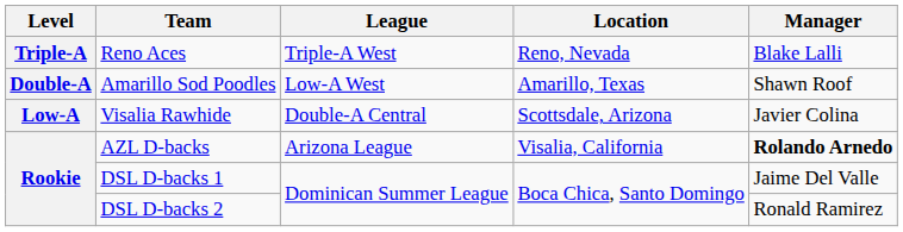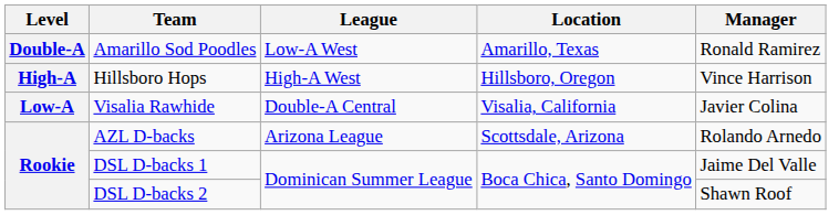 <table class="wikitable plainrowheaders">
 <tr>
 <th scope="col" style="text-align:center; ">Level</th>
 <th scope="col" style="text-align:center; ">Team</th>
 <th scope="col" style="text-align:center; ">League</th>
 <th scope="col" style="text-align:center; ">Location</th>
 <th scope="col" style="text-align:center; ">Manager</th>
 </tr>
 <tr>
-<th scope="row"><a href='#'>Triple-A</a></th>
-<td><a href='#'>Reno Aces</a></td>
-<td><a href='#'>Triple-A West</a></td>
-<td><a href='#'>Reno, Nevada</a></td>
-<td><a href='#'>Blake Lalli</a></td>
-</tr>
-<tr>
 <th scope="row"><a href='#'>Double-A</a></th>
 <td><a href='#'>Amarillo Sod Poodles</a></td>
 <td><a href='#'>Low-A West</a></td>
 <td><a href='#'>Amarillo, Texas</a></td>
-<td>Shawn Roof</td>
+<td>Ronald Ramirez</td>
+</tr>
+<tr>
+<th scope="row"><a href='#'>High-A</a></th>
+<td>Hillsboro Hops</td>
+<td><a href='#'>High-A West</a></td>
+<td><a href='#'>Hillsboro, Oregon</a></td>
+<td>Vince Harrison</td>
 </tr>
 <tr>
 <th scope="row"><a href='#'>Low-A</a></th>
 <td><a href='#'>Visalia Rawhide</a></td>
 <td><a href='#'>Double-A Central</a></td>
-<td><a href='#'>Scottsdale, Arizona</a></td>
+<td><a href='#'>Visalia, California</a></td>
 <td>Javier Colina</td>
 </tr>
 <tr>
 <th scope="row" rowspan=4><a href='#'>Rookie</a></th>
 <td><a href='#'>AZL D-backs</a></td>
 <td><a href='#'>Arizona League</a></td>
-<td><a href='#'>Visalia, California</a></td>
-<td><strong>Rolando Arnedo</strong></td>
+<td><a href='#'>Scottsdale, Arizona</a></td>
+<td>Rolando Arnedo</td>
 </tr>
 <tr>
 <td><a href='#'>DSL D-backs 1</a></td>
 <td rowspan=2><a href='#'>Dominican Summer League</a></td>
 <td rowspan=2><a href='#'>Boca Chica</a>, <a href='#'>Santo Domingo</a></td>
 <td>Jaime Del Valle</td>
 </tr>
 <tr>
 <td><a href='#'>DSL D-backs 2</a></td>
-<td>Ronald Ramirez</td>
+<td>Shawn Roof</td>
 </tr>
 </table>
